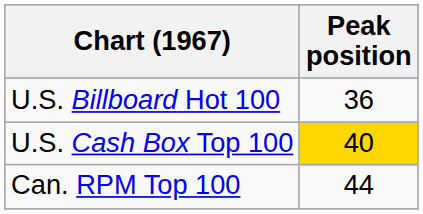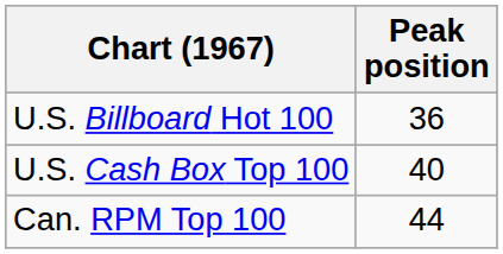 <table class="wikitable sortable">
 <tr>
 <th>Chart (1967)</th>
 <th>Peak<br>position</th>
 </tr>
 <tr>
 <td>U.S. <a href='#'><em>Billboard</em> Hot 100</a></td>
 <td align="center">36</td>
 </tr>
 <tr>
 <td>U.S. <a href='#'><em>Cash Box</em> Top 100</a></td>
-<td align="center" style="background: gold;">40</td>
+<td align="center">40</td>
 </tr>
 <tr>
 <td>Can. <a href='#'>RPM Top 100</a></td>
 <td align="center">44</td>
 </tr>
 </table>
